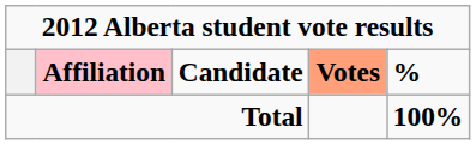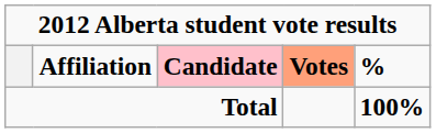 <table class="wikitable">
 <tr>
 <td colspan="5" align=center><strong>2012 Alberta student vote results</strong></td>
 </tr>
 <tr>
 <th style="width: 10px;"></th>
-<td style="background: pink;"><strong>Affiliation</strong></td>
-<td><strong>Candidate</strong></td>
+<td><strong>Affiliation</strong></td>
+<td style="background: pink;"><strong>Candidate</strong></td>
 <td style="background: lightsalmon;"><strong>Votes</strong></td>
 <td><strong>%</strong><br>    </td>
 </tr>
 <tr>
 <td colspan="3" align="right"><strong>Total</strong></td>
 <td></td>
 <td><strong>100%</strong></td>
 </tr>
 </table>
